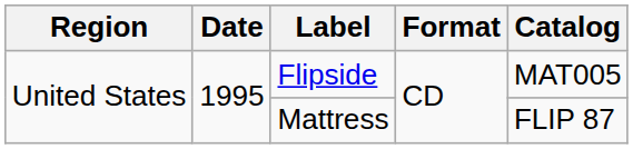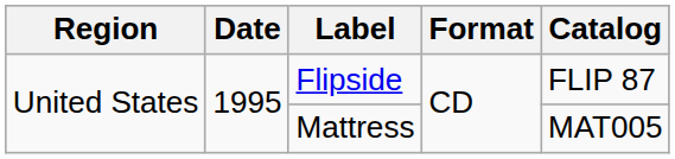 <table class="wikitable">
 <tr>
 <th>Region</th>
 <th>Date</th>
 <th>Label</th>
 <th>Format</th>
 <th>Catalog</th>
 </tr>
 <tr>
 <td rowspan="2">United States</td>
 <td rowspan="2">1995</td>
 <td><a href='#'>Flipside</a></td>
 <td rowspan="2">CD</td>
-<td>MAT005</td>
+<td>FLIP 87</td>
 </tr>
 <tr>
 <td>Mattress</td>
-<td>FLIP 87</td>
+<td>MAT005</td>
 </tr>
 </table>
